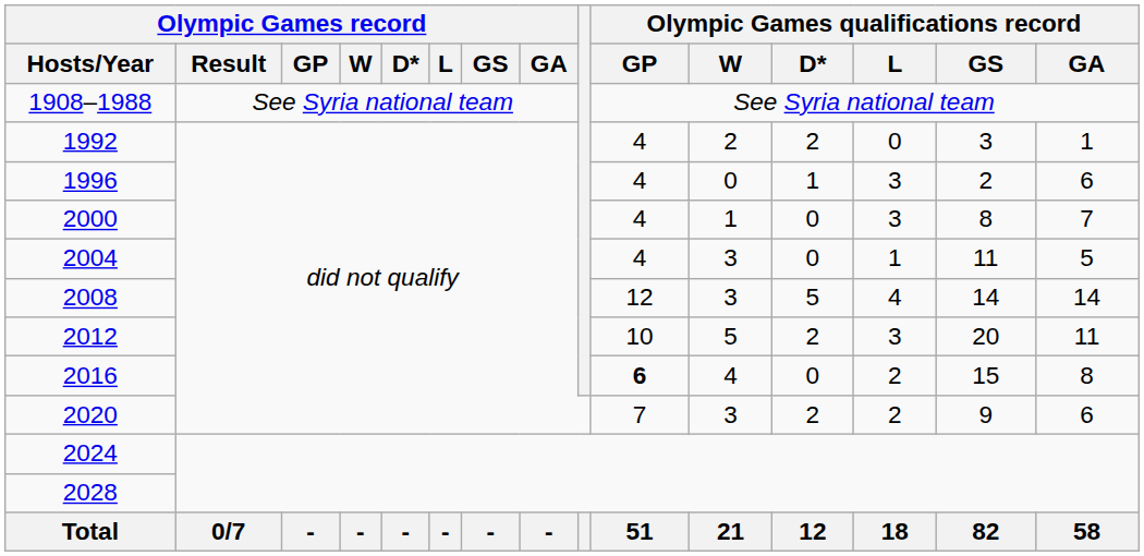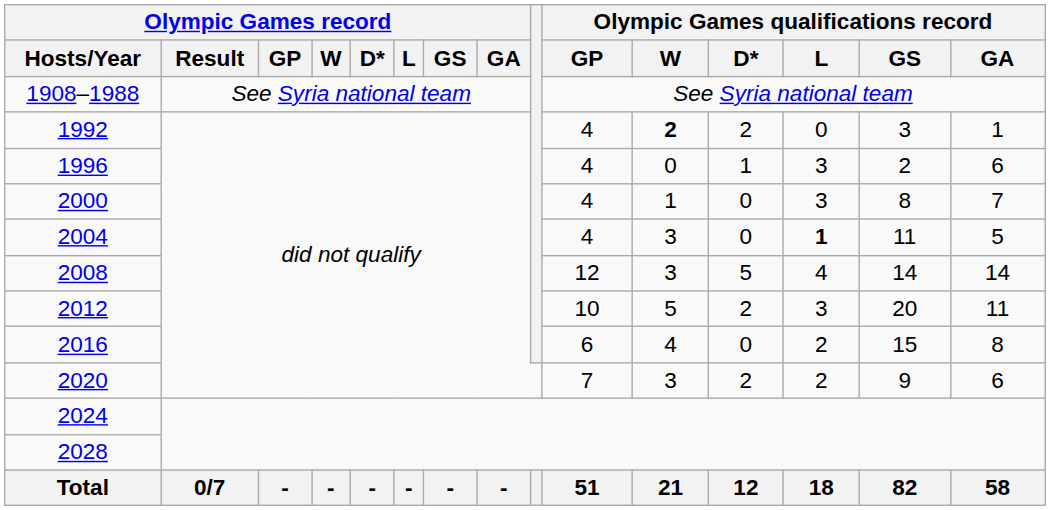 <table class="wikitable" style="text-align: center;">
 <tr>
 <th colspan=8><a href='#'>Olympic Games record</a></th>
 <th style="width:1%;" rowspan="10"></th>
 <th colspan=6>Olympic Games qualifications record</th>
 </tr>
 <tr>
 <th>Hosts/Year</th>
 <th>Result</th>
 <th>GP</th>
 <th>W</th>
 <th>D*</th>
 <th>L</th>
 <th>GS</th>
 <th>GA</th>
 <th>GP</th>
 <th>W</th>
 <th>D*</th>
 <th>L</th>
 <th>GS</th>
 <th>GA</th>
 </tr>
 <tr>
 <td><a href='#'>1908</a>–<a href='#'>1988</a></td>
 <td colspan=8><em>See <a href='#'>Syria national team</a></em></td>
 <td colspan=6><em>See <a href='#'>Syria national team</a></em></td>
 </tr>
 <tr>
 <td> <a href='#'>1992</a></td>
 <td colspan=8 rowspan=8><em>did not qualify</em></td>
 <td>4</td>
-<td>2</td>
+<td><strong>2</strong></td>
 <td>2</td>
 <td>0</td>
 <td>3</td>
 <td>1</td>
 </tr>
 <tr>
 <td> <a href='#'>1996</a></td>
 <td>4</td>
 <td>0</td>
 <td>1</td>
 <td>3</td>
 <td>2</td>
 <td>6</td>
 </tr>
 <tr>
 <td> <a href='#'>2000</a></td>
 <td>4</td>
 <td>1</td>
 <td>0</td>
 <td>3</td>
 <td>8</td>
 <td>7</td>
 </tr>
 <tr>
 <td> <a href='#'>2004</a></td>
 <td>4</td>
 <td>3</td>
 <td>0</td>
-<td>1</td>
+<td><strong>1</strong></td>
 <td>11</td>
 <td>5</td>
 </tr>
 <tr>
 <td> <a href='#'>2008</a></td>
 <td>12</td>
 <td>3</td>
 <td>5</td>
 <td>4</td>
 <td>14</td>
 <td>14</td>
 </tr>
 <tr>
 <td> <a href='#'>2012</a></td>
 <td>10</td>
 <td>5</td>
 <td>2</td>
 <td>3</td>
 <td>20</td>
 <td>11</td>
 </tr>
 <tr>
 <td> <a href='#'>2016</a></td>
-<td><strong>6</strong></td>
+<td>6</td>
 <td>4</td>
 <td>0</td>
 <td>2</td>
 <td>15</td>
 <td>8</td>
 </tr>
 <tr>
 <td> <a href='#'>2020</a></td>
 <td>7</td>
 <td>3</td>
 <td>2</td>
 <td>2</td>
 <td>9</td>
 <td>6</td>
 </tr>
 <tr>
 <td> <a href='#'>2024</a></td>
 <td rowspan=2 colspan=14></td>
 </tr>
 <tr>
 <td> <a href='#'>2028</a></td>
 </tr>
 <tr>
 <th>Total</th>
 <th>0/7</th>
 <th>-</th>
 <th>-</th>
 <th>-</th>
 <th>-</th>
 <th>-</th>
 <th>-</th>
 <th></th>
 <th>51</th>
 <th>21</th>
 <th>12</th>
 <th>18</th>
 <th>82</th>
 <th>58</th>
 </tr>
 </table>
